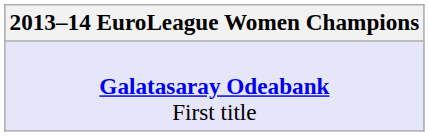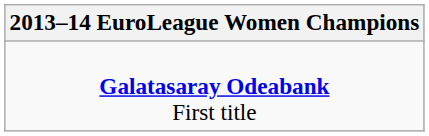 <table class=wikitable style="text-align:center; margin:auto">
 <tr>
 <th>2013–14 EuroLeague Women Champions</th>
 </tr>
 <tr>
-<td style="background: lavender;"> <br><strong><a href='#'>Galatasaray Odeabank</a></strong><br> First title</td>
+<td> <br><strong><a href='#'>Galatasaray Odeabank</a></strong><br> First title</td>
 </tr>
 </table>
